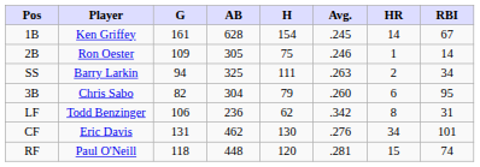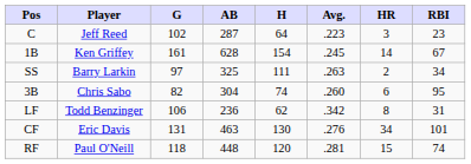 <table class="wikitable sortable">
 <tr>
 <th style="background:#ddf; width:9%;">Pos</th>
 <th style="background:#ddf; width:16%;">Player</th>
 <th style="background:#ddf; width:9%;">G</th>
 <th style="background:#ddf; width:9%;">AB</th>
 <th style="background:#ddf; width:9%;">H</th>
 <th style="background:#ddf; width:9%;">Avg.</th>
 <th style="background:#ddf; width:9%;">HR</th>
 <th style="background:#ddf; width:9%;">RBI</th>
 </tr>
 <tr align=center>
+<td>C</td>
+<td><a href='#'>Jeff Reed</a></td>
+<td>102</td>
+<td>287</td>
+<td>64</td>
+<td>.223</td>
+<td>3</td>
+<td>23</td>
+</tr>
+<tr align=center>
 <td>1B</td>
 <td><a href='#'>Ken Griffey</a></td>
 <td>161</td>
 <td>628</td>
 <td>154</td>
 <td>.245</td>
 <td>14</td>
 <td>67</td>
 </tr>
 <tr align=center>
-<td>2B</td>
-<td><a href='#'>Ron Oester</a></td>
-<td>109</td>
-<td>305</td>
-<td>75</td>
-<td>.246</td>
-<td>1</td>
-<td>14</td>
-</tr>
-<tr align=center>
 <td>SS</td>
 <td><a href='#'>Barry Larkin</a></td>
-<td>94</td>
+<td>97</td>
 <td>325</td>
 <td>111</td>
 <td>.263</td>
 <td>2</td>
 <td>34</td>
 </tr>
 <tr align=center>
 <td>3B</td>
 <td><a href='#'>Chris Sabo</a></td>
 <td>82</td>
 <td>304</td>
-<td>79</td>
+<td>74</td>
 <td>.260</td>
 <td>6</td>
 <td>95</td>
 </tr>
 <tr align=center>
 <td>LF</td>
 <td><a href='#'>Todd Benzinger</a></td>
 <td>106</td>
 <td>236</td>
 <td>62</td>
 <td>.342</td>
 <td>8</td>
 <td>31</td>
 </tr>
 <tr align=center>
 <td>CF</td>
 <td><a href='#'>Eric Davis</a></td>
 <td>131</td>
-<td>462</td>
+<td>463</td>
 <td>130</td>
 <td>.276</td>
 <td>34</td>
 <td>101</td>
 </tr>
 <tr align=center>
 <td>RF</td>
 <td><a href='#'>Paul O'Neill</a></td>
 <td>118</td>
 <td>448</td>
 <td>120</td>
 <td>.281</td>
 <td>15</td>
 <td>74</td>
 </tr>
 </table>
